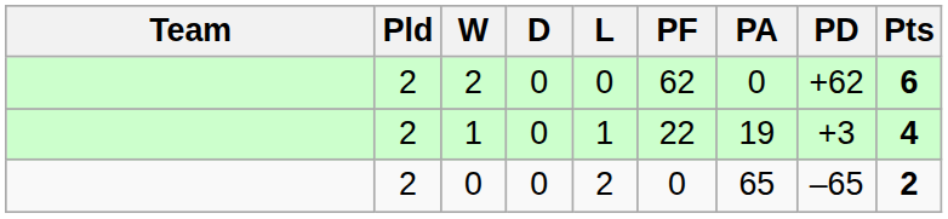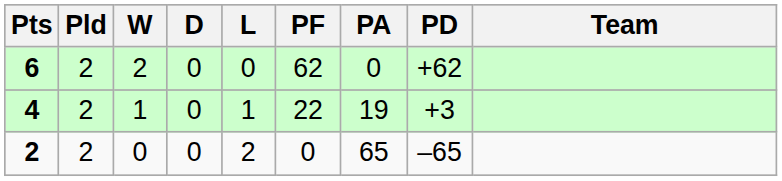 <table class="wikitable" style="text-align:center;">
 <tr>
-<th width=175>Team</th>
+<th width=25 abbr="Points">Pts</th>
 <th width=25 abbr="Played">Pld</th>
 <th width=25 abbr="Won">W</th>
 <th width=25 abbr="Drawn">D</th>
 <th width=25 abbr="Lost">L</th>
 <th width=32 abbr="Points for">PF</th>
 <th width=32 abbr="Points against">PA</th>
 <th width=32 abbr="Points difference">PD</th>
-<th width=25 abbr="Points">Pts</th>
+<th width=175>Team</th>
 </tr>
 <tr bgcolor=#cfc>
-<td align=left></td>
+<td><strong>6</strong></td>
 <td>2</td>
 <td>2</td>
 <td>0</td>
 <td>0</td>
 <td>62</td>
 <td>0</td>
 <td>+62</td>
-<td><strong>6</strong></td>
+<td align=left></td>
 </tr>
 <tr bgcolor=#cfc>
-<td align=left></td>
+<td><strong>4</strong></td>
 <td>2</td>
 <td>1</td>
 <td>0</td>
 <td>1</td>
 <td>22</td>
 <td>19</td>
 <td>+3</td>
-<td><strong>4</strong></td>
+<td align=left></td>
 </tr>
 <tr>
-<td align=left></td>
+<td><strong>2</strong></td>
 <td>2</td>
 <td>0</td>
 <td>0</td>
 <td>2</td>
 <td>0</td>
 <td>65</td>
 <td>–65</td>
-<td><strong>2</strong></td>
+<td align=left></td>
 </tr>
 </table>
